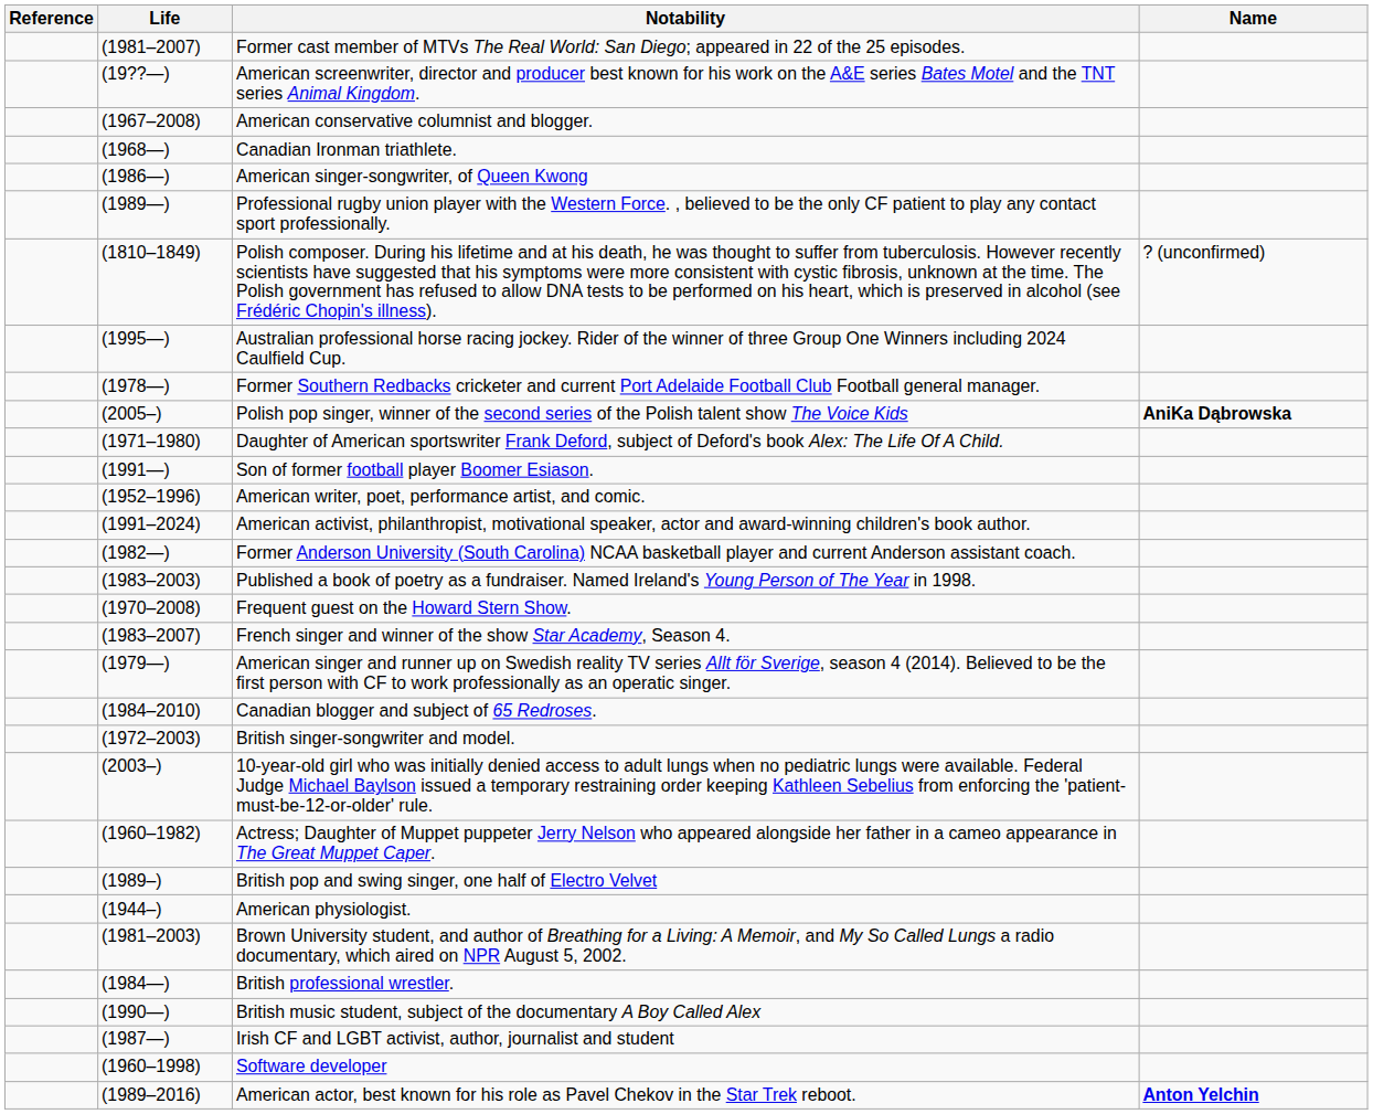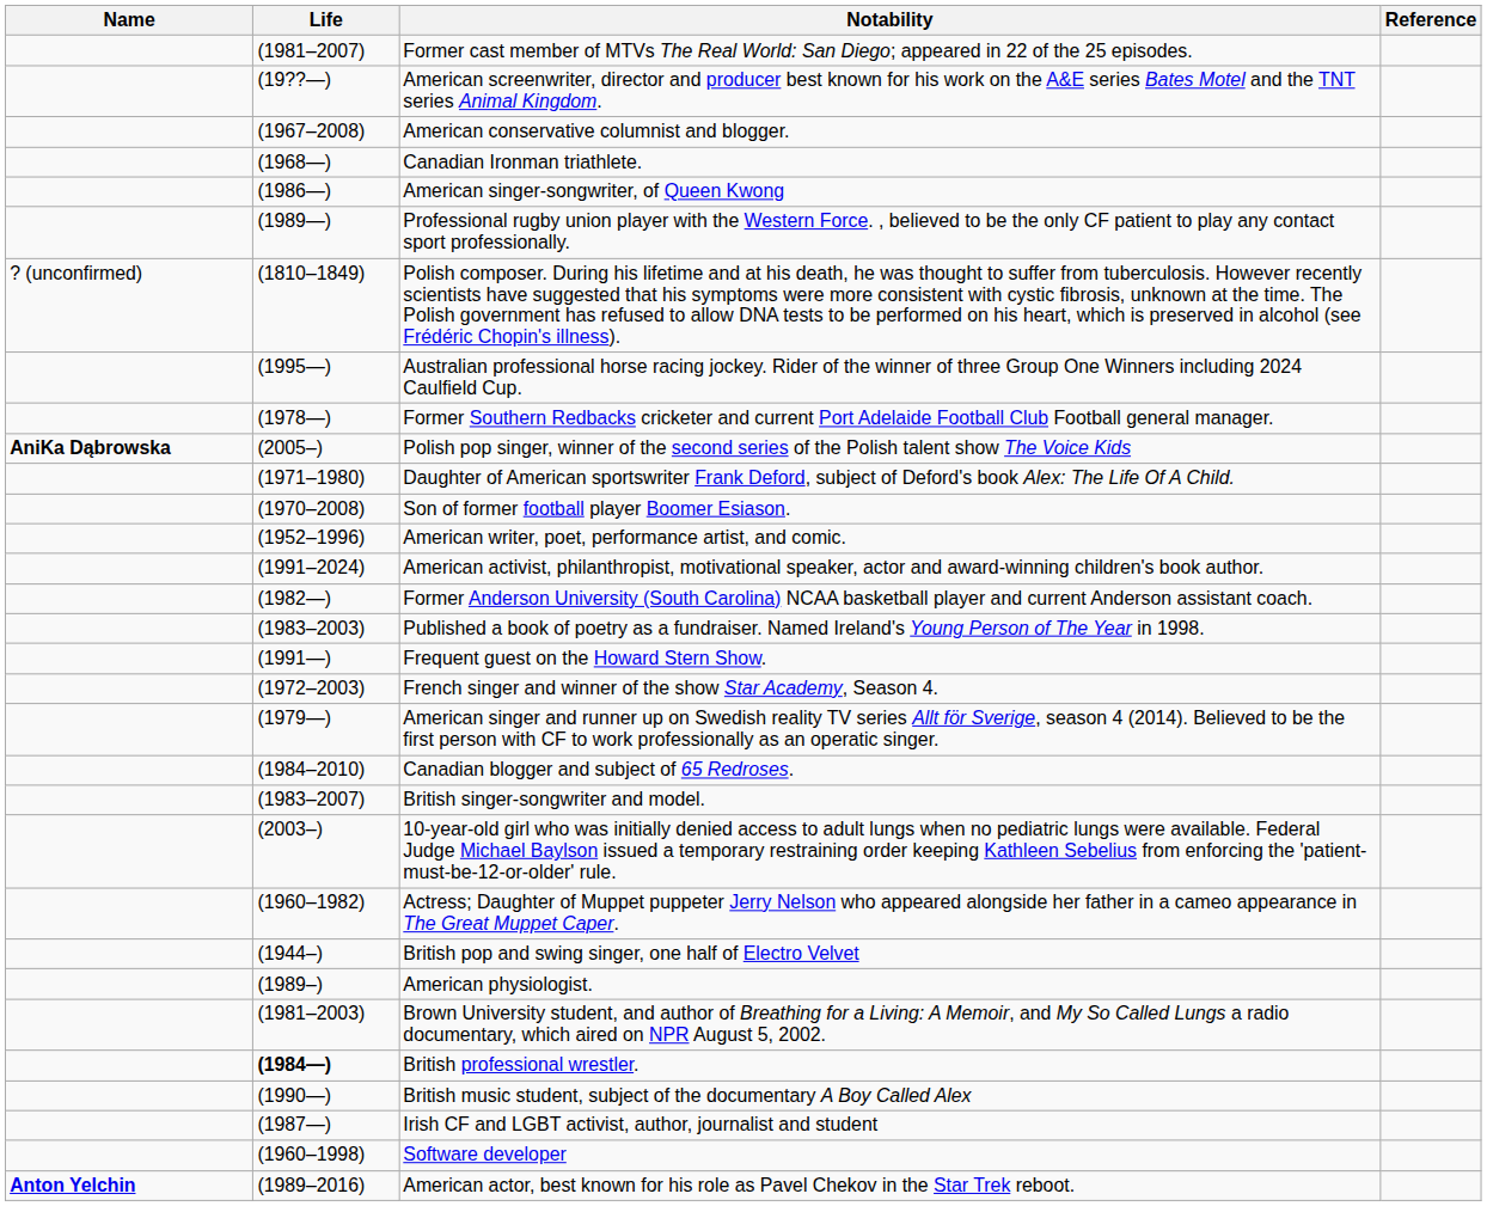 <table class="wikitable sortable">
 <tr>
-<th style="width:5%;" class="unsortable">Reference</th>
+<th style="width:17%;">Name</th>
 <th style="width:10%;">Life</th>
 <th style="width:68%;" class="unsortable">Notability</th>
-<th style="width:17%;">Name</th>
+<th style="width:5%;" class="unsortable">Reference</th>
 </tr>
 <tr valign="top">
-<td></td>
+<td><strong></strong></td>
 <td>(1981–2007)</td>
 <td>Former cast member of MTVs <em>The Real World: San Diego</em>; appeared in 22 of the 25 episodes.</td>
-<td><strong></strong></td>
+<td></td>
 </tr>
 <tr valign="top">
-<td></td>
+<td><strong></strong></td>
 <td>(19??—)</td>
 <td>American screenwriter, director and <a href='#'>producer</a> best known for his work on the <a href='#'>A&E</a> series <em><a href='#'>Bates Motel</a></em> and the <a href='#'>TNT</a> series <em><a href='#'>Animal Kingdom</a></em>.</td>
-<td><strong></strong></td>
+<td></td>
 </tr>
 <tr valign="top">
-<td></td>
+<td><strong></strong></td>
 <td>(1967–2008)</td>
 <td>American conservative columnist and blogger.</td>
-<td><strong></strong></td>
+<td></td>
 </tr>
 <tr valign="top">
-<td></td>
+<td><strong></strong></td>
 <td>(1968—)</td>
 <td>Canadian Ironman triathlete.</td>
-<td><strong></strong></td>
+<td></td>
 </tr>
 <tr valign="top">
-<td></td>
+<td><strong></strong></td>
 <td>(1986—)</td>
 <td>American singer-songwriter, of <a href='#'>Queen Kwong</a></td>
-<td><strong></strong></td>
+<td></td>
 </tr>
 <tr valign="top">
-<td></td>
+<td><strong></strong></td>
 <td>(1989—)</td>
 <td>Professional rugby union player with the <a href='#'>Western Force</a>. , believed to be the only CF patient to play any contact sport professionally.</td>
-<td><strong></strong></td>
+<td></td>
 </tr>
 <tr valign="top">
-<td></td>
+<td><strong></strong> ? (unconfirmed)</td>
 <td>(1810–1849)</td>
 <td>Polish composer. During his lifetime and at his death, he was thought to suffer from tuberculosis. However recently scientists have suggested that his symptoms were more consistent with cystic fibrosis, unknown at the time. The Polish government has refused to allow DNA tests to be performed on his heart, which is preserved in alcohol (see <a href='#'>Frédéric Chopin's illness</a>).</td>
-<td><strong></strong> ? (unconfirmed)</td>
+<td></td>
 </tr>
 <tr valign="top">
-<td></td>
+<td><strong></strong></td>
 <td>(1995—)</td>
 <td>Australian professional horse racing jockey. Rider of the winner of three Group One Winners including 2024 Caulfield Cup.</td>
-<td><strong></strong></td>
+<td></td>
 </tr>
 <tr valign="top">
-<td></td>
+<td><strong></strong></td>
 <td>(1978—)</td>
 <td>Former <a href='#'>Southern Redbacks</a> cricketer and current <a href='#'>Port Adelaide Football Club</a> Football general manager.</td>
-<td><strong></strong></td>
+<td></td>
 </tr>
 <tr valign="top">
-<td></td>
+<td><strong>AniKa Dąbrowska</strong></td>
 <td>(2005–)</td>
 <td>Polish pop singer, winner of the <a href='#'>second series</a> of the Polish talent show <em><a href='#'>The Voice Kids</a></em></td>
-<td><strong>AniKa Dąbrowska</strong></td>
+<td></td>
 </tr>
 <tr>
-<td></td>
+<td><strong></strong></td>
 <td>(1971–1980)</td>
 <td>Daughter of American sportswriter <a href='#'>Frank Deford</a>, subject of Deford's book <em>Alex: The Life Of A Child.</em></td>
-<td><strong></strong></td>
+<td></td>
 </tr>
 <tr valign="top">
+<td><strong></strong></td>
+<td>(1970–2008)</td>
+<td>Son of former <a href='#'>football</a> player <a href='#'>Boomer Esiason</a>.</td>
 <td></td>
-<td>(1991—)</td>
-<td>Son of former <a href='#'>football</a> player <a href='#'>Boomer Esiason</a>.</td>
-<td><strong></strong></td>
 </tr>
 <tr valign="top">
-<td></td>
+<td><strong></strong></td>
 <td>(1952–1996)</td>
 <td>American writer, poet, performance artist, and comic.</td>
-<td><strong></strong></td>
+<td></td>
 </tr>
 <tr valign="top">
-<td></td>
+<td><strong></strong></td>
 <td>(1991–2024)</td>
 <td>American activist, philanthropist, motivational speaker, actor and award-winning children's book author.</td>
-<td><strong></strong></td>
+<td></td>
 </tr>
 <tr valign="top">
-<td></td>
+<td><strong></strong></td>
 <td>(1982—)</td>
 <td>Former <a href='#'>Anderson University (South Carolina)</a> NCAA basketball player and current Anderson assistant coach.</td>
-<td><strong></strong></td>
+<td></td>
 </tr>
 <tr valign="top">
-<td></td>
+<td><strong></strong></td>
 <td>(1983–2003)</td>
 <td>Published a book of poetry as a fundraiser. Named Ireland's <em><a href='#'>Young Person of The Year</a></em> in 1998.</td>
-<td><strong></strong></td>
+<td></td>
 </tr>
 <tr valign="top">
+<td><strong></strong></td>
+<td>(1991—)</td>
+<td>Frequent guest on the <a href='#'>Howard Stern Show</a>.</td>
 <td></td>
-<td>(1970–2008)</td>
-<td>Frequent guest on the <a href='#'>Howard Stern Show</a>.</td>
-<td><strong></strong></td>
 </tr>
 <tr valign="top">
+<td><strong></strong></td>
+<td>(1972–2003)</td>
+<td>French singer and winner of the show <a href='#'><em>Star Academy</em></a>, Season 4.</td>
 <td></td>
-<td>(1983–2007)</td>
-<td>French singer and winner of the show <a href='#'><em>Star Academy</em></a>, Season 4.</td>
-<td><strong></strong></td>
 </tr>
 <tr valign="top">
-<td><br> </td>
+<td><strong></strong></td>
 <td>(1979—)</td>
 <td>American singer and runner up on Swedish reality TV series <em><a href='#'>Allt för Sverige</a></em>, season 4 (2014). Believed to be the first person with CF to work professionally as an operatic singer.</td>
-<td><strong></strong></td>
+<td><br> </td>
 </tr>
 <tr valign="top">
-<td></td>
+<td><strong></strong></td>
 <td>(1984–2010)</td>
 <td>Canadian blogger and subject of <em><a href='#'>65 Redroses</a></em>.</td>
-<td><strong></strong></td>
+<td></td>
 </tr>
 <tr valign="top">
+<td><strong></strong></td>
+<td>(1983–2007)</td>
+<td>British singer-songwriter and model.</td>
 <td></td>
-<td>(1972–2003)</td>
-<td>British singer-songwriter and model.</td>
-<td><strong></strong></td>
 </tr>
 <tr valign="top">
-<td></td>
+<td><strong></strong></td>
 <td>(2003–)</td>
 <td>10-year-old girl who was initially denied access to adult lungs when no pediatric lungs were available.  Federal Judge <a href='#'>Michael Baylson</a> issued a temporary restraining order keeping <a href='#'>Kathleen Sebelius</a> from enforcing the 'patient-must-be-12-or-older' rule.</td>
-<td><strong></strong></td>
+<td></td>
 </tr>
 <tr valign="top">
-<td></td>
+<td><strong></strong></td>
 <td>(1960–1982)</td>
 <td>Actress; Daughter of Muppet puppeter <a href='#'>Jerry Nelson</a> who appeared alongside her father in a cameo appearance in <em><a href='#'>The Great Muppet Caper</a></em>.</td>
-<td><strong></strong></td>
+<td></td>
 </tr>
 <tr valign="top">
+<td><strong></strong></td>
+<td>(1944–)</td>
+<td>British pop and swing singer, one half of <a href='#'>Electro Velvet</a></td>
 <td></td>
-<td>(1989–)</td>
-<td>British pop and swing singer, one half of <a href='#'>Electro Velvet</a></td>
-<td><strong></strong></td>
 </tr>
 <tr valign="top">
+<td><strong></strong></td>
+<td>(1989–)</td>
+<td>American physiologist.</td>
 <td></td>
-<td>(1944–)</td>
-<td>American physiologist.</td>
-<td><strong></strong></td>
 </tr>
 <tr valign="top">
-<td></td>
+<td><strong></strong></td>
 <td>(1981–2003)</td>
 <td>Brown University student, and author of <em>Breathing for a Living: A Memoir</em>, and <em>My So Called Lungs</em> a radio documentary, which aired on <a href='#'>NPR</a> August 5, 2002.</td>
-<td><strong></strong></td>
+<td></td>
 </tr>
 <tr valign="top">
+<td><strong></strong></td>
+<td><strong>(1984—)</strong></td>
+<td>British <a href='#'>professional wrestler</a>.</td>
 <td></td>
-<td>(1984—)</td>
-<td>British <a href='#'>professional wrestler</a>.</td>
-<td><strong></strong></td>
 </tr>
 <tr valign="top">
-<td></td>
+<td><strong></strong></td>
 <td>(1990—)</td>
 <td>British music student, subject of the documentary <em>A Boy Called Alex</em></td>
-<td><strong></strong></td>
+<td></td>
 </tr>
 <tr valign="top">
-<td></td>
+<td><strong></strong></td>
 <td>(1987—)</td>
 <td>Irish CF and LGBT activist, author, journalist and student</td>
-<td><strong></strong></td>
+<td></td>
 </tr>
 <tr valign="top">
-<td></td>
+<td><strong></strong></td>
 <td>(1960–1998)</td>
 <td><a href='#'>Software developer</a></td>
-<td><strong></strong></td>
+<td></td>
 </tr>
 <tr>
-<td></td>
+<td><strong><a href='#'>Anton Yelchin</a></strong></td>
 <td>(1989–2016)</td>
 <td>American actor, best known for his role as Pavel Chekov in the <a href='#'>Star Trek</a> reboot.</td>
-<td><strong><a href='#'>Anton Yelchin</a></strong></td>
+<td></td>
 </tr>
 </table>
